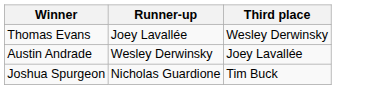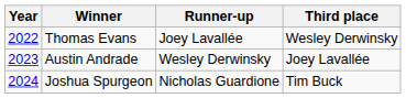 <table class="wikitable sortable" style="display: inline-table;">
 <tr>
+<th>Year</th>
 <th>Winner</th>
 <th>Runner-up</th>
 <th>Third place</th>
 </tr>
 <tr>
+<td><a href='#'>2022</a></td>
 <td> Thomas Evans</td>
 <td> Joey Lavallée</td>
 <td> Wesley Derwinsky</td>
 </tr>
 <tr>
+<td><a href='#'>2023</a></td>
 <td> Austin Andrade</td>
 <td> Wesley Derwinsky</td>
 <td> Joey Lavallée</td>
 </tr>
 <tr>
+<td><a href='#'>2024</a></td>
 <td> Joshua Spurgeon</td>
 <td> Nicholas Guardione</td>
 <td> Tim Buck</td>
 </tr>
 </table>
